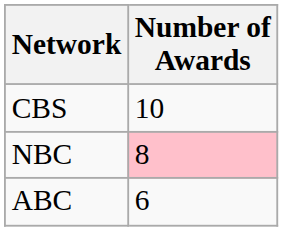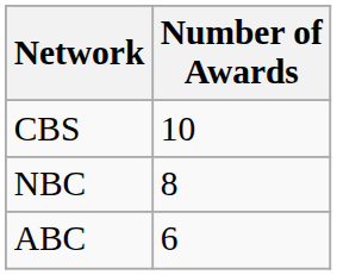 <table class="wikitable">
 <tr>
 <th>Network</th>
 <th>Number of<br>Awards</th>
 </tr>
 <tr>
 <td>CBS</td>
 <td>10</td>
 </tr>
 <tr>
 <td>NBC</td>
-<td style="background: pink;">8</td>
+<td>8</td>
 </tr>
 <tr>
 <td>ABC</td>
 <td>6</td>
 </tr>
 </table>
